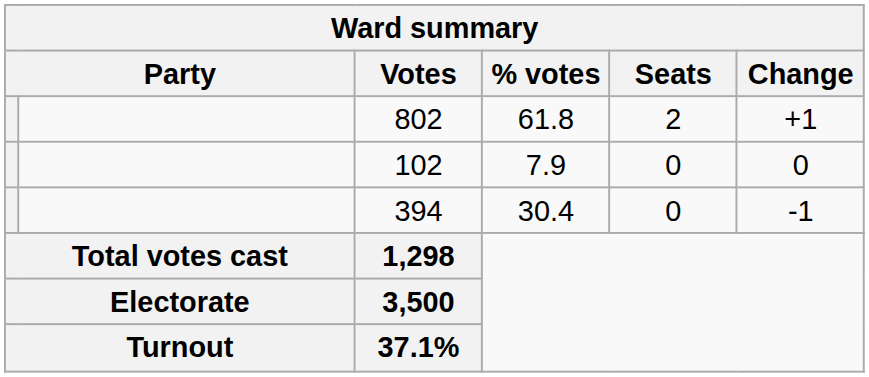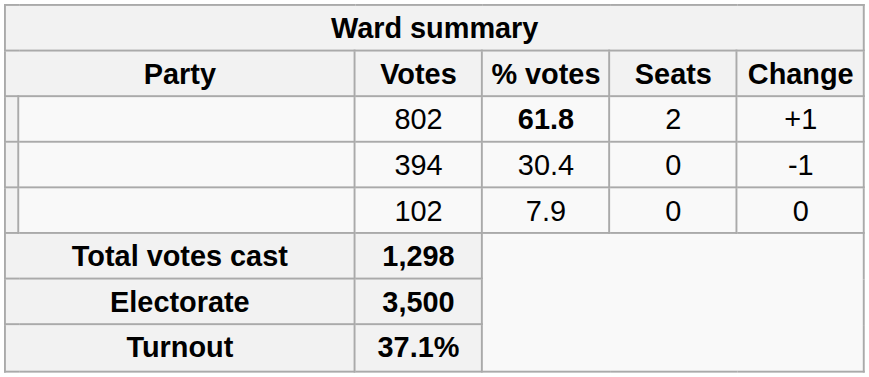 <table class="wikitable" style="font-size: 95%;">
 <tr style="background-color:#E9E9E9">
 <th colspan="6">Ward summary</th>
 </tr>
 <tr style="background-color:#E9E9E9">
 <th colspan="2">Party</th>
 <th style="width: 60px">Votes</th>
 <th style="width: 60px">% votes</th>
 <th style="width: 60px">Seats</th>
 <th style="width: 60px">Change</th>
 </tr>
 <tr>
 <th style="background-color: "></th>
 <td style="width: 170px"><a href='#'></a></td>
 <td align="center">802</td>
-<td align="center">61.8</td>
+<td align="center"><strong>61.8</strong></td>
 <td align="center">2</td>
 <td align="center">+1</td>
+</tr>
+<tr>
+<th style="background-color: "></th>
+<td style="width: 170px"><a href='#'></a></td>
+<td align="center">394</td>
+<td align="center">30.4</td>
+<td align="center">0</td>
+<td align="center">-1</td>
 </tr>
 <tr>
 <th style="background-color: "></th>
 <td style="width: 170px"><a href='#'></a></td>
 <td align="center">102</td>
 <td align="center">7.9</td>
 <td align="center">0</td>
 <td align="center">0</td>
-</tr>
-<tr>
-<th style="background-color: "></th>
-<td style="width: 170px"><a href='#'></a></td>
-<td align="center">394</td>
-<td align="center">30.4</td>
-<td align="center">0</td>
-<td align="center">-1</td>
 </tr>
 <tr style="background-color:#E9E9E9">
 <th colspan="2">Total votes cast</th>
 <th style="width: 60px">1,298</th>
 </tr>
 <tr style="background-color:#E9E9E9">
 <th colspan="2">Electorate</th>
 <th style="width: 60px">3,500</th>
 </tr>
 <tr style="background-color:#E9E9E9">
 <th colspan="2">Turnout</th>
 <th style="width: 60px">37.1%</th>
 </tr>
 </table>
